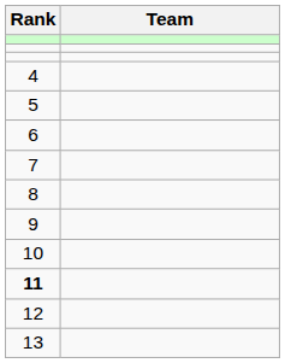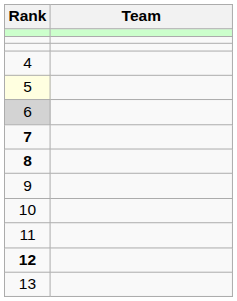 <table class="wikitable" style="text-align: center;">
 <tr>
 <th width=40>Rank</th>
 <th width=180>Team</th>
 </tr>
 <tr bgcolor=#CCFFCC>
 <td></td>
 <td style="text-align:left;"></td>
 </tr>
 <tr align=center>
 <td></td>
 <td style="text-align:left;"></td>
 </tr>
 <tr align=center>
 <td></td>
 <td style="text-align:left;"></td>
 </tr>
 <tr align=center>
 <td>4</td>
 <td style="text-align:left;"></td>
 </tr>
 <tr align=center>
-<td>5</td>
+<td style="background: lightyellow;">5</td>
 <td style="text-align:left;"></td>
 </tr>
 <tr align=center>
-<td>6</td>
+<td style="background: lightgrey;">6</td>
 <td style="text-align:left;"></td>
 </tr>
 <tr align=center>
-<td>7</td>
+<td><strong>7</strong></td>
 <td style="text-align:left;"></td>
 </tr>
 <tr align=center>
-<td>8</td>
+<td><strong>8</strong></td>
 <td style="text-align:left;"></td>
 </tr>
 <tr align=center>
 <td>9</td>
 <td style="text-align:left;"></td>
 </tr>
 <tr align=center>
 <td>10</td>
 <td style="text-align:left;"></td>
 </tr>
 <tr align=center>
-<td><strong>11</strong></td>
+<td>11</td>
 <td style="text-align:left;"></td>
 </tr>
 <tr align=center>
-<td>12</td>
+<td><strong>12</strong></td>
 <td style="text-align:left;"></td>
 </tr>
 <tr align=center>
 <td>13</td>
 <td style="text-align:left;"></td>
 </tr>
 </table>
